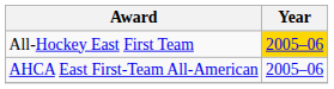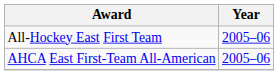 <table class="wikitable">
 <tr>
 <th>Award</th>
 <th>Year</th>
 </tr>
 <tr>
 <td>All-<a href='#'>Hockey East</a> <a href='#'>First Team</a></td>
-<td style="background: gold;"><a href='#'>2005–06</a></td>
+<td><a href='#'>2005–06</a></td>
 </tr>
 <tr>
 <td><a href='#'>AHCA</a> <a href='#'>East First-Team All-American</a></td>
 <td><a href='#'>2005–06</a></td>
 </tr>
 <tr>
 </tr>
 </table>
